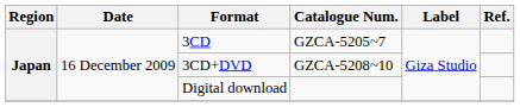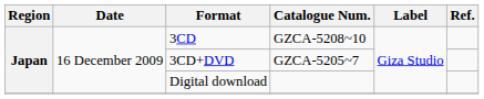 <table class="wikitable sortable plainrowheaders">
 <tr>
 <th scope="col">Region</th>
 <th scope="col">Date</th>
 <th scope="col">Format</th>
 <th scope="col">Catalogue Num.</th>
 <th scope="col">Label</th>
 <th scope="col">Ref.</th>
 </tr>
 <tr>
 <th scope="row" rowspan="3">Japan</th>
 <td rowspan="3">16 December 2009</td>
 <td>3<a href='#'>CD</a></td>
-<td>GZCA-5205~7</td>
+<td>GZCA-5208~10</td>
 <td rowspan="3"><a href='#'>Giza Studio</a></td>
 <td></td>
 </tr>
 <tr>
 <td>3CD+<a href='#'>DVD</a></td>
-<td>GZCA-5208~10</td>
+<td>GZCA-5205~7</td>
 <td></td>
 </tr>
 <tr>
 <td>Digital download</td>
 <td></td>
 <td></td>
 </tr>
 <tr>
 </tr>
 </table>
